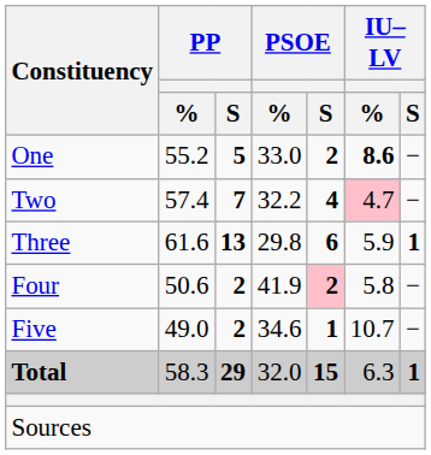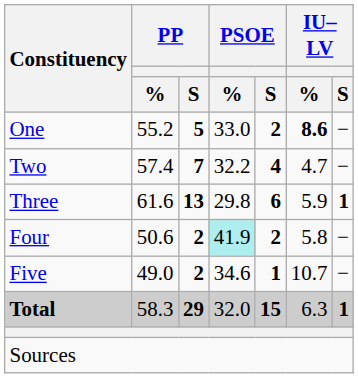 <table class="wikitable sortable" style="text-align:right; line-height:20px;">
 <tr>
 <th rowspan="3">Constituency</th>
 <th colspan="2" width="30px" class="unsortable"><a href='#'>PP</a></th>
 <th colspan="2" width="30px" class="unsortable"><a href='#'>PSOE</a></th>
 <th colspan="2" width="30px" class="unsortable"><a href='#'>IU–LV</a></th>
 </tr>
 <tr>
 <th colspan="2" style="background:"></th>
 <th colspan="2" style="background:"></th>
 <th colspan="2" style="background:"></th>
 </tr>
 <tr>
 <th data-sort-type="number">%</th>
 <th data-sort-type="number">S</th>
 <th data-sort-type="number">%</th>
 <th data-sort-type="number">S</th>
 <th data-sort-type="number">%</th>
 <th data-sort-type="number">S</th>
 </tr>
 <tr>
 <td align="left"><a href='#'>One</a></td>
 <td style="background:">55.2</td>
 <td><strong>5</strong></td>
 <td>33.0</td>
 <td><strong>2</strong></td>
 <td><strong>8.6</strong></td>
 <td>−</td>
 </tr>
 <tr>
 <td align="left"><a href='#'>Two</a></td>
 <td style="background:">57.4</td>
 <td><strong>7</strong></td>
 <td>32.2</td>
 <td><strong>4</strong></td>
-<td style="background: pink;">4.7</td>
+<td>4.7</td>
 <td>−</td>
 </tr>
 <tr>
 <td align="left"><a href='#'>Three</a></td>
 <td style="background:">61.6</td>
 <td><strong>13</strong></td>
 <td>29.8</td>
 <td><strong>6</strong></td>
 <td>5.9</td>
 <td><strong>1</strong></td>
 </tr>
 <tr>
 <td align="left"><a href='#'>Four</a></td>
 <td style="background:">50.6</td>
 <td><strong>2</strong></td>
-<td>41.9</td>
-<td style="background: pink;"><strong>2</strong></td>
+<td style="background: paleturquoise;">41.9</td>
+<td><strong>2</strong></td>
 <td>5.8</td>
 <td>−</td>
 </tr>
 <tr>
 <td align="left"><a href='#'>Five</a></td>
 <td style="background:">49.0</td>
 <td><strong>2</strong></td>
 <td>34.6</td>
 <td><strong>1</strong></td>
 <td>10.7</td>
 <td>−</td>
 </tr>
 <tr style="background:#CDCDCD;">
 <td align="left"><strong>Total</strong></td>
 <td style="background:">58.3</td>
 <td><strong>29</strong></td>
 <td>32.0</td>
 <td><strong>15</strong></td>
 <td>6.3</td>
 <td><strong>1</strong></td>
 </tr>
 <tr>
 <th colspan="7" bgcolor="#E9E9E9"></th>
 </tr>
 <tr>
 <th style="text-align:left; font-weight:normal; background:#F9F9F9" colspan="7">Sources</th>
 </tr>
 </table>
